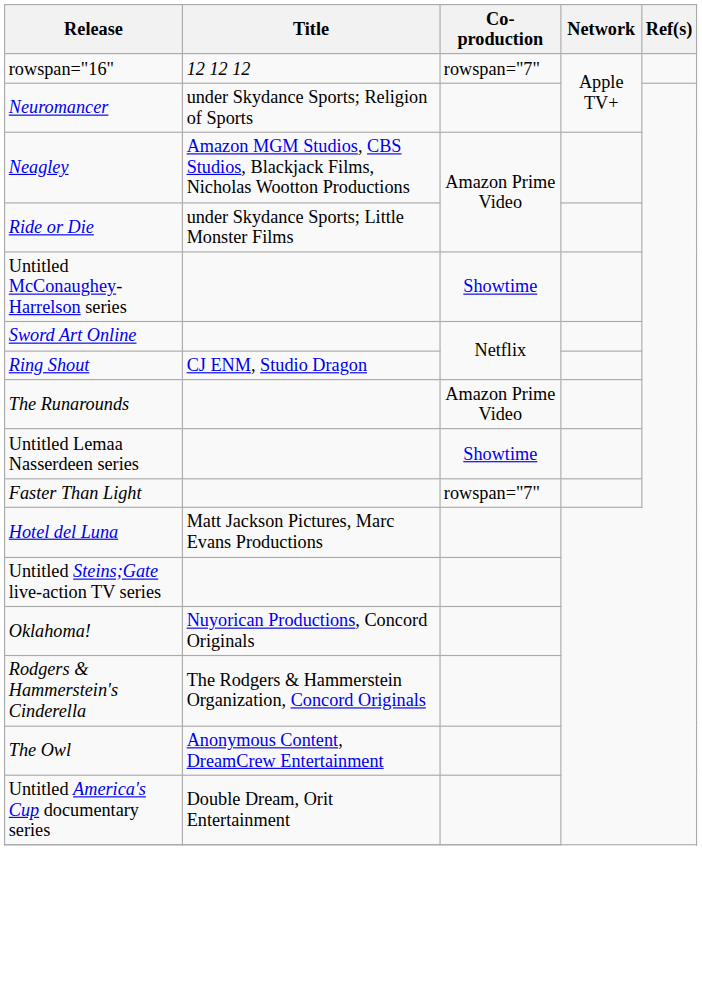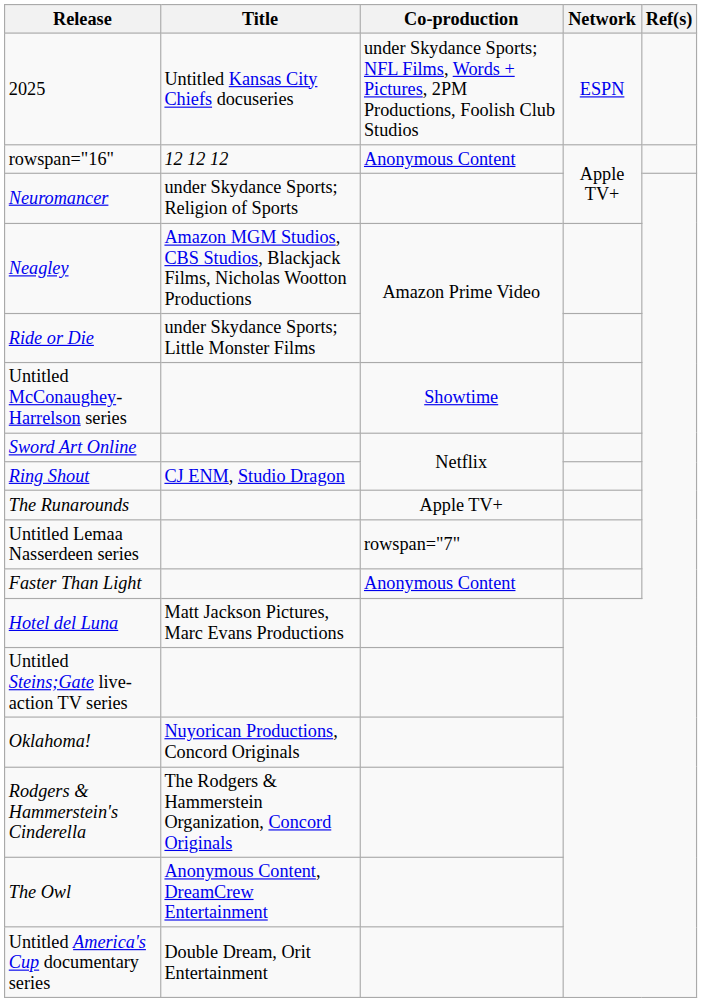 <table class="wikitable">
 <tr>
 <th>Release</th>
 <th>Title</th>
 <th>Co-production</th>
 <th>Network</th>
 <th>Ref(s)</th>
 </tr>
 <tr>
+<td>2025</td>
+<td>Untitled <a href='#'>Kansas City Chiefs</a> docuseries</td>
+<td>under Skydance Sports; <a href='#'>NFL Films</a>, <a href='#'>Words + Pictures</a>, 2PM Productions, Foolish Club Studios</td>
+<td style="text-align:center;"><a href='#'>ESPN</a></td>
+<td></td>
+</tr>
+<tr>
 <td>rowspan="16" </td>
 <td><em>12 12 12</em></td>
-<td>rowspan="7" </td>
+<td><a href='#'>Anonymous Content</a></td>
 <td rowspan="2" style="text-align:center;">Apple TV+</td>
 <td></td>
 </tr>
 <tr>
 <td><em><a href='#'>Neuromancer</a></em></td>
 <td>under Skydance Sports; Religion of Sports</td>
 <td></td>
 </tr>
 <tr>
 <td><em><a href='#'>Neagley</a></em></td>
 <td><a href='#'>Amazon MGM Studios</a>, <a href='#'>CBS Studios</a>, Blackjack Films, Nicholas Wootton Productions</td>
 <td rowspan="2" style="text-align:center;">Amazon Prime Video</td>
 <td></td>
 </tr>
 <tr>
 <td><em><a href='#'>Ride or Die</a></em></td>
 <td>under Skydance Sports; Little Monster Films</td>
 <td></td>
 </tr>
 <tr>
 <td>Untitled <a href='#'>McConaughey</a>-<a href='#'>Harrelson</a> series</td>
 <td></td>
 <td style="text-align:center;"><a href='#'>Showtime</a></td>
 <td></td>
 </tr>
 <tr>
 <td><em><a href='#'>Sword Art Online</a></em></td>
 <td></td>
 <td style="text-align:center;" rowspan="2">Netflix</td>
 <td></td>
 </tr>
 <tr>
 <td><em><a href='#'>Ring Shout</a></em></td>
 <td><a href='#'>CJ ENM</a>, <a href='#'>Studio Dragon</a></td>
 <td></td>
 </tr>
 <tr>
 <td><em>The Runarounds</em></td>
 <td></td>
-<td style="text-align:center;">Amazon Prime Video</td>
+<td style="text-align:center;">Apple TV+</td>
 <td></td>
 </tr>
 <tr>
 <td>Untitled Lemaa Nasserdeen series</td>
 <td></td>
-<td style="text-align:center;"><a href='#'>Showtime</a></td>
+<td>rowspan="7" </td>
 <td></td>
 </tr>
 <tr>
 <td><em>Faster Than Light</em></td>
 <td></td>
-<td>rowspan="7" </td>
+<td><a href='#'>Anonymous Content</a></td>
 <td></td>
 </tr>
 <tr>
 <td><em><a href='#'>Hotel del Luna</a></em></td>
 <td>Matt Jackson Pictures, Marc Evans Productions</td>
 <td></td>
 </tr>
 <tr>
 <td>Untitled <em><a href='#'>Steins;Gate</a></em> live-action TV series</td>
 <td></td>
 <td></td>
 </tr>
 <tr>
 <td><em>Oklahoma!</em></td>
 <td><a href='#'>Nuyorican Productions</a>, Concord Originals</td>
 <td></td>
 </tr>
 <tr>
 <td><em>Rodgers & Hammerstein's Cinderella</em></td>
 <td>The Rodgers & Hammerstein Organization, <a href='#'>Concord Originals</a></td>
 <td></td>
 </tr>
 <tr>
 <td><em>The Owl</em></td>
 <td><a href='#'>Anonymous Content</a>, <a href='#'>DreamCrew Entertainment</a></td>
 <td></td>
 </tr>
 <tr>
 <td>Untitled <em><a href='#'>America's Cup</a></em> documentary series</td>
 <td>Double Dream, Orit Entertainment</td>
 <td></td>
 </tr>
 <tr>
 </tr>
 </table>
